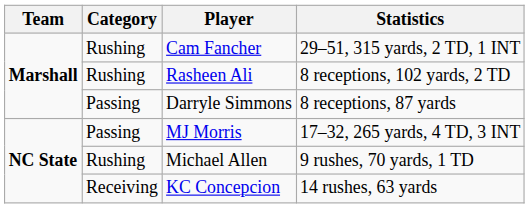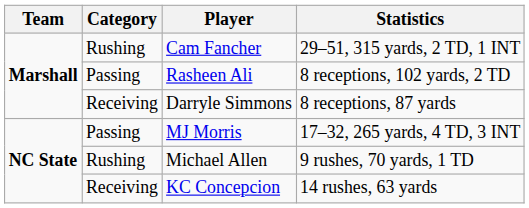 <table class="wikitable" style="float: left;">
 <tr>
 <th>Team</th>
 <th>Category</th>
 <th>Player</th>
 <th>Statistics</th>
 </tr>
 <tr>
 <td rowspan=3><strong>Marshall</strong></td>
 <td>Rushing</td>
 <td><a href='#'>Cam Fancher</a></td>
 <td>29–51, 315 yards, 2 TD, 1 INT</td>
 </tr>
 <tr>
-<td>Rushing</td>
+<td>Passing</td>
 <td><a href='#'>Rasheen Ali</a></td>
 <td>8 receptions, 102 yards, 2 TD</td>
 </tr>
 <tr>
-<td>Passing</td>
+<td>Receiving</td>
 <td>Darryle Simmons</td>
 <td>8 receptions, 87 yards</td>
 </tr>
 <tr>
 <td rowspan=3><strong>NC State</strong></td>
 <td>Passing</td>
 <td><a href='#'>MJ Morris</a></td>
 <td>17–32, 265 yards, 4 TD, 3 INT</td>
 </tr>
 <tr>
 <td>Rushing</td>
 <td>Michael Allen</td>
 <td>9 rushes, 70 yards, 1 TD</td>
 </tr>
 <tr>
 <td>Receiving</td>
 <td><a href='#'>KC Concepcion</a></td>
 <td>14 rushes, 63 yards</td>
 </tr>
 </table>
